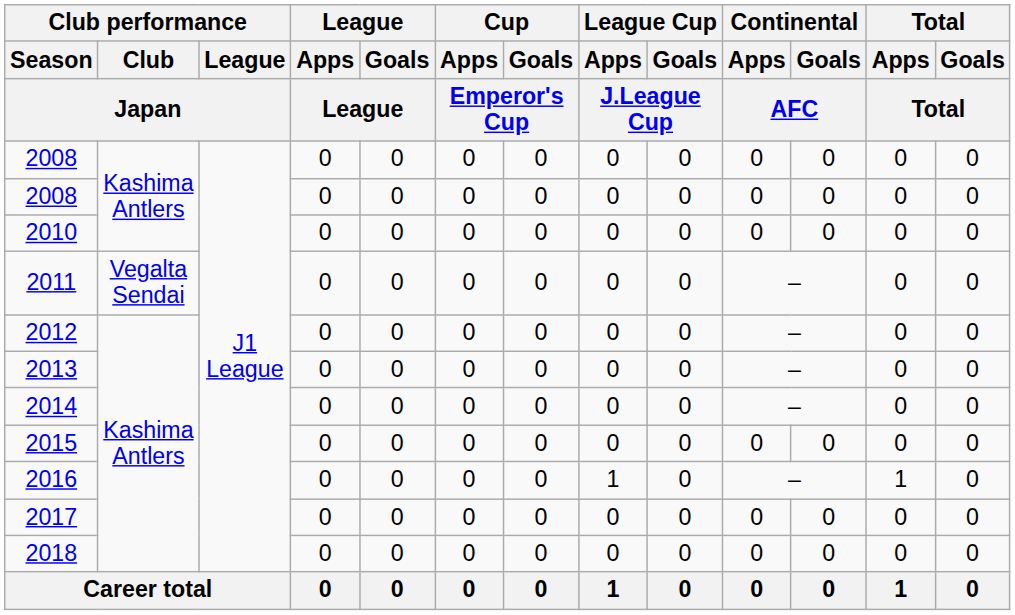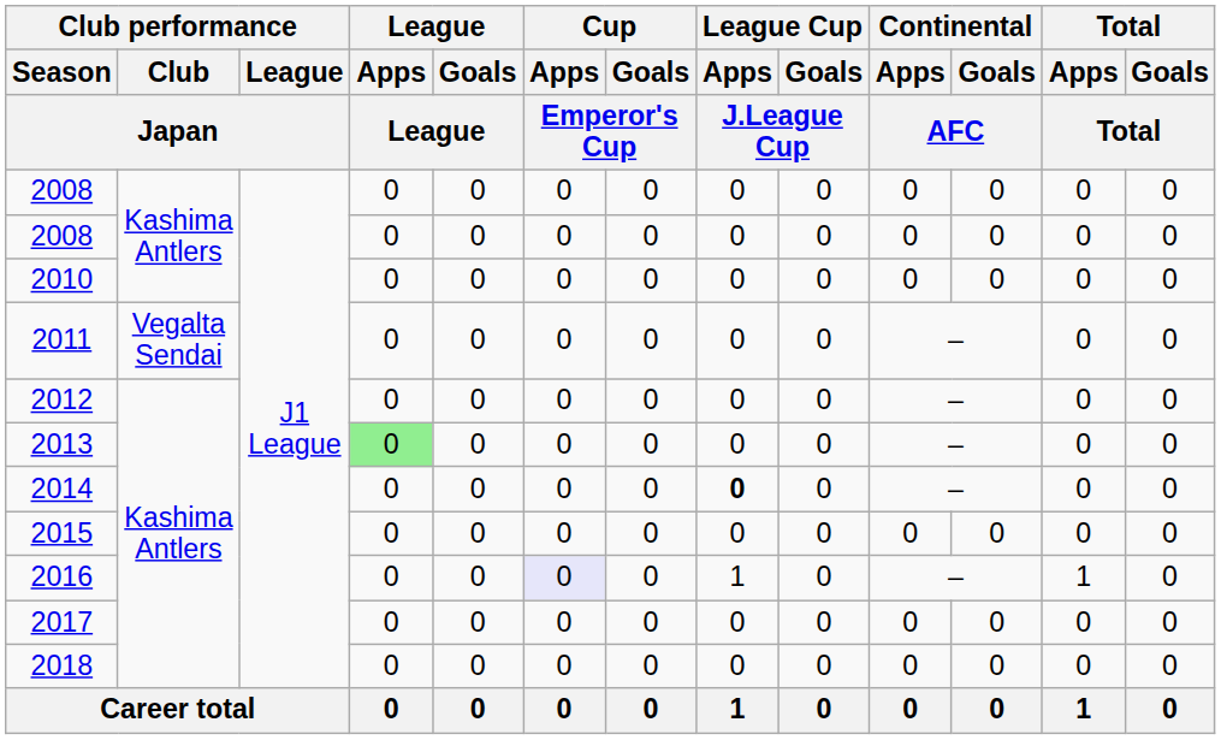 <table class="wikitable" style="text-align:center">
 <tr>
 <th colspan=3>Club performance</th>
 <th colspan=2>League</th>
 <th colspan=2>Cup</th>
 <th colspan=2>League Cup</th>
 <th colspan=2>Continental</th>
 <th colspan=2>Total</th>
 </tr>
 <tr>
 <th>Season</th>
 <th>Club</th>
 <th>League</th>
 <th>Apps</th>
 <th>Goals</th>
 <th>Apps</th>
 <th>Goals</th>
 <th>Apps</th>
 <th>Goals</th>
 <th>Apps</th>
 <th>Goals</th>
 <th>Apps</th>
 <th>Goals</th>
 </tr>
 <tr>
 <th colspan=3>Japan</th>
 <th colspan=2>League</th>
 <th colspan=2><a href='#'>Emperor's Cup</a></th>
 <th colspan=2><a href='#'>J.League Cup</a></th>
 <th colspan=2><a href='#'>AFC</a></th>
 <th colspan=2>Total</th>
 </tr>
 <tr>
 <td><a href='#'>2008</a></td>
 <td rowspan="3"><a href='#'>Kashima Antlers</a></td>
 <td rowspan="11"><a href='#'>J1 League</a></td>
 <td>0</td>
 <td>0</td>
 <td>0</td>
 <td>0</td>
 <td>0</td>
 <td>0</td>
 <td>0</td>
 <td>0</td>
 <td>0</td>
 <td>0</td>
 </tr>
 <tr>
 <td><a href='#'>2008</a></td>
 <td>0</td>
 <td>0</td>
 <td>0</td>
 <td>0</td>
 <td>0</td>
 <td>0</td>
 <td>0</td>
 <td>0</td>
 <td>0</td>
 <td>0</td>
 </tr>
 <tr>
 <td><a href='#'>2010</a></td>
 <td>0</td>
 <td>0</td>
 <td>0</td>
 <td>0</td>
 <td>0</td>
 <td>0</td>
 <td>0</td>
 <td>0</td>
 <td>0</td>
 <td>0</td>
 </tr>
 <tr>
 <td><a href='#'>2011</a></td>
 <td><a href='#'>Vegalta Sendai</a></td>
 <td>0</td>
 <td>0</td>
 <td>0</td>
 <td>0</td>
 <td>0</td>
 <td>0</td>
 <td colspan="2">–</td>
 <td>0</td>
 <td>0</td>
 </tr>
 <tr>
 <td><a href='#'>2012</a></td>
 <td rowspan="7"><a href='#'>Kashima Antlers</a></td>
 <td>0</td>
 <td>0</td>
 <td>0</td>
 <td>0</td>
 <td>0</td>
 <td>0</td>
 <td colspan="2">–</td>
 <td>0</td>
 <td>0</td>
 </tr>
 <tr>
 <td><a href='#'>2013</a></td>
-<td>0</td>
+<td style="background: lightgreen;">0</td>
 <td>0</td>
 <td>0</td>
 <td>0</td>
 <td>0</td>
 <td>0</td>
 <td colspan="2">–</td>
 <td>0</td>
 <td>0</td>
 </tr>
 <tr>
 <td><a href='#'>2014</a></td>
 <td>0</td>
 <td>0</td>
 <td>0</td>
 <td>0</td>
-<td>0</td>
+<td><strong>0</strong></td>
 <td>0</td>
 <td colspan="2">–</td>
 <td>0</td>
 <td>0</td>
 </tr>
 <tr>
 <td><a href='#'>2015</a></td>
 <td>0</td>
 <td>0</td>
 <td>0</td>
 <td>0</td>
 <td>0</td>
 <td>0</td>
 <td>0</td>
 <td>0</td>
 <td>0</td>
 <td>0</td>
 </tr>
 <tr>
 <td><a href='#'>2016</a></td>
 <td>0</td>
 <td>0</td>
-<td>0</td>
+<td style="background: lavender;">0</td>
 <td>0</td>
 <td>1</td>
 <td>0</td>
 <td colspan="2">–</td>
 <td>1</td>
 <td>0</td>
 </tr>
 <tr>
 <td><a href='#'>2017</a></td>
 <td>0</td>
 <td>0</td>
 <td>0</td>
 <td>0</td>
 <td>0</td>
 <td>0</td>
 <td>0</td>
 <td>0</td>
 <td>0</td>
 <td>0</td>
 </tr>
 <tr>
 <td><a href='#'>2018</a></td>
 <td>0</td>
 <td>0</td>
 <td>0</td>
 <td>0</td>
 <td>0</td>
 <td>0</td>
 <td>0</td>
 <td>0</td>
 <td>0</td>
 <td>0</td>
 </tr>
 <tr>
 <th colspan=3>Career total</th>
 <th>0</th>
 <th>0</th>
 <th>0</th>
 <th>0</th>
 <th>1</th>
 <th>0</th>
 <th>0</th>
 <th>0</th>
 <th>1</th>
 <th>0</th>
 </tr>
 </table>
